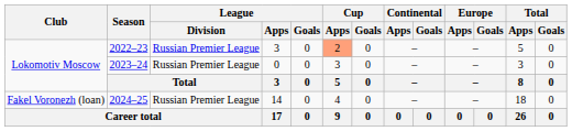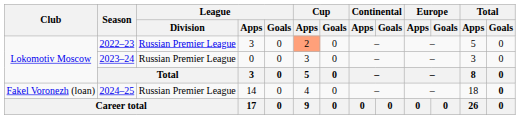 <table class="wikitable" style="text-align:center">
 <tr>
 <th rowspan="2">Club</th>
 <th rowspan="2">Season</th>
 <th colspan="3">League</th>
 <th colspan="2">Cup</th>
 <th colspan="2">Continental</th>
 <th colspan="2">Europe</th>
 <th colspan="2">Total</th>
 </tr>
 <tr>
 <th>Division</th>
 <th>Apps</th>
 <th>Goals</th>
 <th>Apps</th>
 <th>Goals</th>
 <th>Apps</th>
 <th>Goals</th>
 <th>Apps</th>
 <th>Goals</th>
 <th>Apps</th>
 <th>Goals</th>
 </tr>
 <tr>
 <td rowspan="3"><a href='#'>Lokomotiv Moscow</a></td>
 <td><a href='#'>2022–23</a></td>
 <td><a href='#'>Russian Premier League</a></td>
 <td>3</td>
 <td>0</td>
 <td style="background: lightsalmon;">2</td>
 <td>0</td>
 <td colspan="2">–</td>
 <td colspan="2">–</td>
 <td>5</td>
 <td>0</td>
 </tr>
 <tr>
 <td><a href='#'>2023–24</a></td>
 <td>Russian Premier League</td>
 <td>0</td>
 <td>0</td>
 <td>3</td>
 <td>0</td>
 <td colspan="2">–</td>
 <td colspan="2">–</td>
 <td>3</td>
 <td>0</td>
 </tr>
 <tr>
 <th colspan="2">Total</th>
 <th>3</th>
 <th>0</th>
 <th>5</th>
 <th>0</th>
 <th colspan="2">–</th>
 <th colspan="2">–</th>
 <th>8</th>
 <th>0</th>
 </tr>
 <tr>
 <td><a href='#'>Fakel Voronezh</a> (loan)</td>
 <td><a href='#'>2024–25</a></td>
 <td>Russian Premier League</td>
 <td>14</td>
 <td>0</td>
 <td>4</td>
 <td>0</td>
 <td colspan="2">–</td>
 <td colspan="2">–</td>
 <td>18</td>
-<td>0</td>
+<td><strong>0</strong></td>
 </tr>
 <tr>
 <th colspan="3">Career total</th>
 <th>17</th>
 <th>0</th>
 <th>9</th>
 <th>0</th>
 <th>0</th>
 <th>0</th>
 <th>0</th>
 <th>0</th>
 <th>26</th>
 <th>0</th>
 </tr>
 </table>
